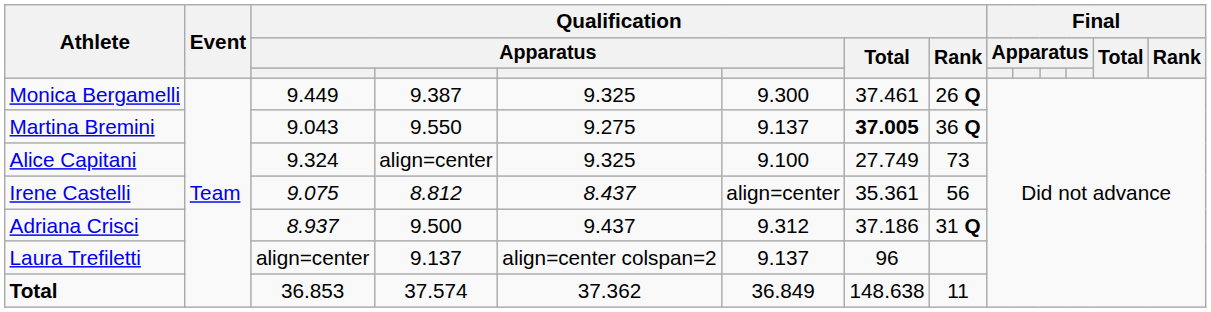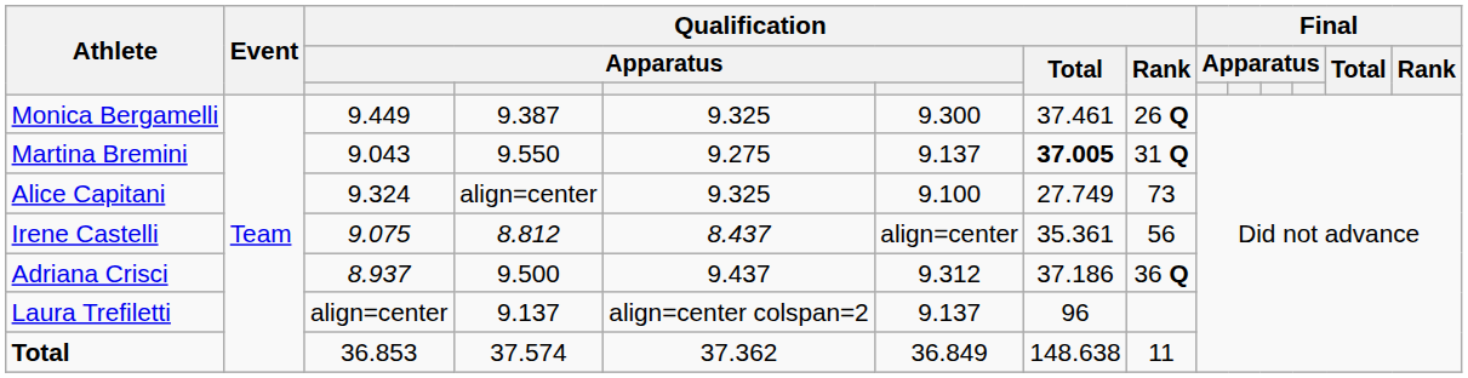 <table class=wikitable style=font-size:90%;text-align:center>
 <tr>
 <th rowspan=3>Athlete</th>
 <th rowspan=3>Event</th>
 <th colspan=6>Qualification</th>
 <th colspan=6>Final</th>
 </tr>
 <tr style=font-size:95%>
 <th colspan=4>Apparatus</th>
 <th rowspan=2>Total</th>
 <th rowspan=2>Rank</th>
 <th colspan=4>Apparatus</th>
 <th rowspan=2>Total</th>
 <th rowspan=2>Rank</th>
 </tr>
 <tr style=font-size:95%>
 <th></th>
 <th></th>
 <th></th>
 <th></th>
 <th></th>
 <th></th>
 <th></th>
 <th></th>
 </tr>
 <tr>
 <td align=left><a href='#'>Monica Bergamelli</a></td>
 <td align=left rowspan=7><a href='#'>Team</a></td>
 <td align=center>9.449</td>
 <td align=center>9.387</td>
 <td align=center>9.325</td>
 <td align=center>9.300</td>
 <td align=center>37.461</td>
 <td align=center>26 <strong>Q</strong></td>
 <td align=center colspan=6 rowspan=7>Did not advance</td>
 </tr>
 <tr>
 <td align=left><a href='#'>Martina Bremini</a></td>
 <td align=center>9.043</td>
 <td align=center>9.550</td>
 <td align=center>9.275</td>
 <td align=center>9.137</td>
 <td align=center><strong>37.005</strong></td>
-<td align=center>36 <strong>Q</strong></td>
+<td align=center>31 <strong>Q</strong></td>
 </tr>
 <tr>
 <td align=left><a href='#'>Alice Capitani</a></td>
 <td align=center>9.324</td>
 <td>align=center </td>
 <td align=center>9.325</td>
 <td align=center>9.100</td>
 <td align=center>27.749</td>
 <td align=center>73</td>
 </tr>
 <tr>
 <td align=left><a href='#'>Irene Castelli</a></td>
 <td align=center><em>9.075</em></td>
 <td align=center><em>8.812</em></td>
 <td align=center><em>8.437</em></td>
 <td>align=center </td>
 <td align=center>35.361</td>
 <td align=center>56</td>
 </tr>
 <tr>
 <td align=left><a href='#'>Adriana Crisci</a></td>
 <td align=center><em>8.937</em></td>
 <td align=center>9.500</td>
 <td align=center>9.437</td>
 <td align=center>9.312</td>
 <td align=center>37.186</td>
-<td align=center>31 <strong>Q</strong></td>
+<td align=center>36 <strong>Q</strong></td>
 </tr>
 <tr>
 <td align=left><a href='#'>Laura Trefiletti</a></td>
 <td>align=center </td>
 <td align=center>9.137</td>
 <td>align=center colspan=2 </td>
 <td align=center>9.137</td>
 <td align=center>96</td>
 </tr>
 <tr>
 <td align=left><strong>Total</strong></td>
 <td align=center>36.853</td>
 <td align=center>37.574</td>
 <td align=center>37.362</td>
 <td align=center>36.849</td>
 <td align=center>148.638</td>
 <td align=center>11</td>
 </tr>
 </table>
